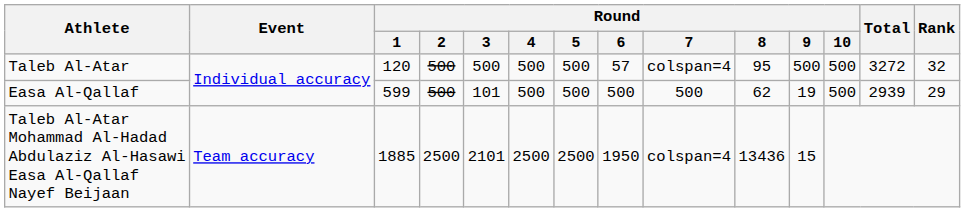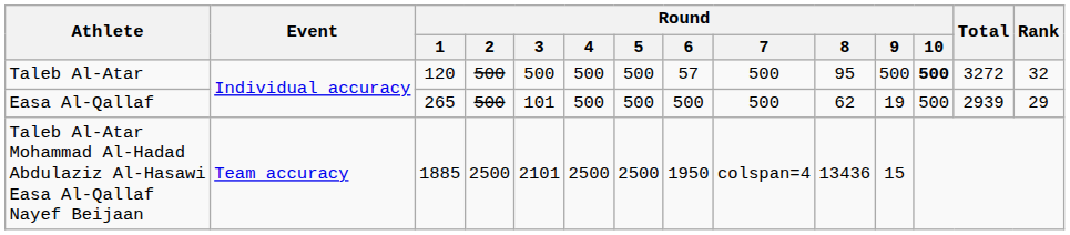 <table class=wikitable style=font-size:90%;text-align:center>
 <tr>
 <th rowspan="2">Athlete</th>
 <th rowspan="2">Event</th>
 <th colspan=10>Round</th>
 <th rowspan=2>Total</th>
 <th rowspan=2>Rank</th>
 </tr>
 <tr style="font-size:95%">
 <th>1</th>
 <th>2</th>
 <th>3</th>
 <th>4</th>
 <th>5</th>
 <th>6</th>
 <th>7</th>
 <th>8</th>
 <th>9</th>
 <th>10</th>
 </tr>
 <tr>
 <td align=left>Taleb Al-Atar</td>
 <td align=left rowspan=2><a href='#'>Individual accuracy</a></td>
 <td>120</td>
 <td><s>500</s></td>
 <td>500</td>
 <td>500</td>
 <td>500</td>
 <td>57</td>
-<td>colspan=4 </td>
+<td>500</td>
 <td>95</td>
 <td>500</td>
-<td>500</td>
+<td><strong>500</strong></td>
 <td>3272</td>
 <td>32</td>
 </tr>
 <tr>
 <td align=left>Easa Al-Qallaf</td>
-<td>599</td>
+<td>265</td>
 <td><s>500</s></td>
 <td>101</td>
 <td>500</td>
 <td>500</td>
 <td>500</td>
 <td>500</td>
 <td>62</td>
 <td>19</td>
 <td>500</td>
 <td>2939</td>
 <td>29</td>
 </tr>
 <tr>
 <td align=left>Taleb Al-Atar<br>Mohammad Al-Hadad<br>Abdulaziz Al-Hasawi<br>Easa Al-Qallaf<br>Nayef Beijaan</td>
 <td align=left><a href='#'>Team accuracy</a></td>
 <td>1885</td>
 <td>2500</td>
 <td>2101</td>
 <td>2500</td>
 <td>2500</td>
 <td>1950</td>
 <td>colspan=4 </td>
 <td>13436</td>
 <td>15</td>
 </tr>
 </table>
